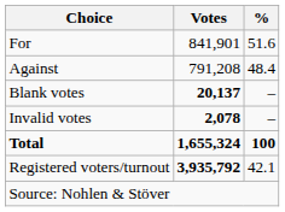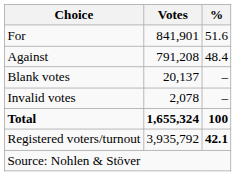 <table class=wikitable style=text-align:right>
 <tr>
 <th>Choice</th>
 <th>Votes</th>
 <th>%</th>
 </tr>
 <tr>
 <td align=left>For</td>
 <td>841,901</td>
 <td>51.6</td>
 </tr>
 <tr>
 <td align=left>Against</td>
 <td>791,208</td>
 <td>48.4</td>
 </tr>
 <tr>
 <td align=left>Blank votes</td>
-<td><strong>20,137</strong></td>
+<td>20,137</td>
 <td>–</td>
 </tr>
 <tr>
 <td align=left>Invalid votes</td>
-<td><strong>2,078</strong></td>
+<td>2,078</td>
 <td>–</td>
 </tr>
 <tr>
 <td align=left><strong>Total</strong></td>
 <td><strong>1,655,324</strong></td>
 <td><strong>100</strong></td>
 </tr>
 <tr>
 <td align=left>Registered voters/turnout</td>
-<td><strong>3,935,792</strong></td>
-<td>42.1</td>
+<td>3,935,792</td>
+<td><strong>42.1</strong></td>
 </tr>
 <tr>
 <td align=left colspan=3>Source: Nohlen & Stöver</td>
 </tr>
 </table>
